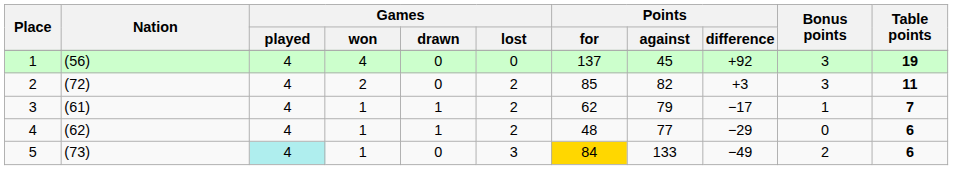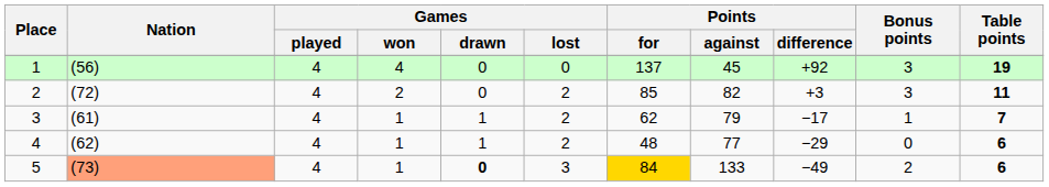 <table class="wikitable">
 <tr>
 <th rowspan=2 width="6%">Place</th>
 <th rowspan=2 width="20%">Nation</th>
 <th colspan=4 width="40%">Games</th>
 <th colspan=3 width="24%">Points</th>
 <th rowspan=2 width="10%">Bonus<br>points</th>
 <th rowspan=2 width="10%">Table<br>points</th>
 </tr>
 <tr>
 <th width="8%">played</th>
 <th width="8%">won</th>
 <th width="8%">drawn</th>
 <th width="8%">lost</th>
 <th width="8%">for</th>
 <th width="8%">against</th>
 <th width="8%">difference</th>
 </tr>
 <tr>
 </tr>
 <tr align=center bgcolor="#ccffcc">
 <td>1</td>
 <td align=left> (56)</td>
 <td>4</td>
 <td>4</td>
 <td>0</td>
 <td>0</td>
 <td>137</td>
 <td>45</td>
 <td>+92</td>
 <td>3</td>
 <td><strong>19</strong></td>
 </tr>
 <tr align=center>
 <td>2</td>
 <td align=left> (72)</td>
 <td>4</td>
 <td>2</td>
 <td>0</td>
 <td>2</td>
 <td>85</td>
 <td>82</td>
 <td>+3</td>
 <td>3</td>
 <td><strong>11</strong></td>
 </tr>
 <tr align=center>
 <td>3</td>
 <td align=left> (61)</td>
 <td>4</td>
 <td>1</td>
 <td>1</td>
 <td>2</td>
 <td>62</td>
 <td>79</td>
 <td>−17</td>
 <td>1</td>
 <td><strong>7</strong></td>
 </tr>
 <tr align=center>
 <td>4</td>
 <td align=left> (62)</td>
 <td>4</td>
 <td>1</td>
 <td>1</td>
 <td>2</td>
 <td>48</td>
 <td>77</td>
 <td>−29</td>
 <td>0</td>
 <td><strong>6</strong></td>
 </tr>
 <tr align=center>
 <td>5</td>
-<td align=left> (73)</td>
-<td style="background: paleturquoise;">4</td>
+<td align=left style="background: lightsalmon;"> (73)</td>
+<td>4</td>
 <td>1</td>
-<td>0</td>
+<td><strong>0</strong></td>
 <td>3</td>
 <td style="background: gold;">84</td>
 <td>133</td>
 <td>−49</td>
 <td>2</td>
 <td><strong>6</strong></td>
 </tr>
 </table>
